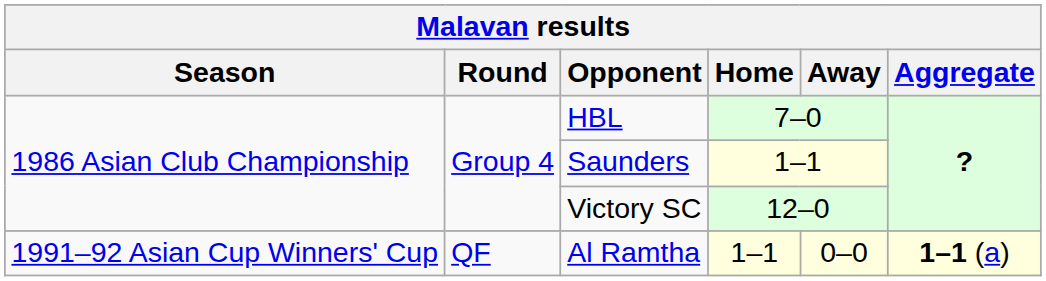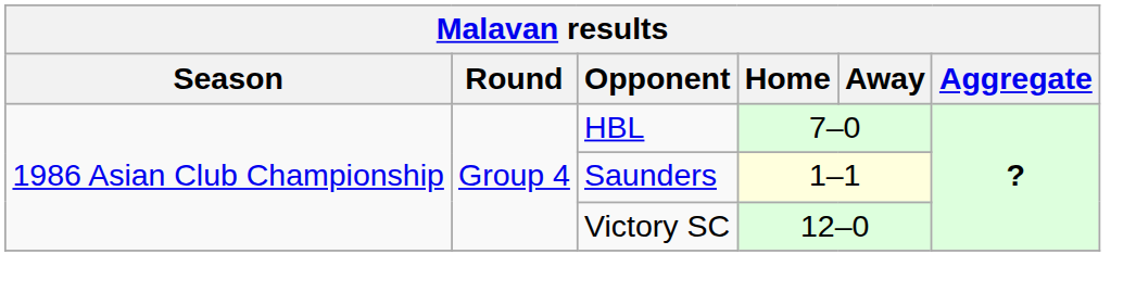 <table class="wikitable">
 <tr>
 <th colspan="6"><a href='#'>Malavan</a> results</th>
 </tr>
 <tr>
 <th>Season</th>
 <th>Round</th>
 <th>Opponent</th>
 <th>Home</th>
 <th>Away</th>
 <th><a href='#'>Aggregate</a></th>
 </tr>
 <tr>
 <td rowspan="3"><a href='#'>1986 Asian Club Championship</a></td>
 <td rowspan="3"><a href='#'>Group 4</a></td>
 <td> <a href='#'>HBL</a></td>
 <td colspan="2" bgcolor="#ddffdd" style="text-align:center;">7–0</td>
 <td rowspan="3" bgcolor="#ddffdd" style="text-align:center;"><strong>?</strong></td>
 </tr>
 <tr>
 <td> <a href='#'>Saunders</a></td>
 <td colspan="2" bgcolor="#ffffdd" style="text-align:center;">1–1</td>
 </tr>
 <tr>
 <td> Victory SC</td>
 <td colspan="2" bgcolor="#ddffdd" style="text-align:center;">12–0</td>
 </tr>
-<tr>
-<td><a href='#'>1991–92 Asian Cup Winners' Cup</a></td>
-<td><a href='#'>QF</a></td>
-<td> <a href='#'>Al Ramtha</a></td>
-<td bgcolor="#ffffdd" style="text-align:center;">1–1</td>
-<td bgcolor="#ffffdd" style="text-align:center;">0–0</td>
-<td bgcolor="#ffffdd" style="text-align:center;"><strong>1–1</strong> (<a href='#'>a</a>)</td>
-</tr>
 </table>
